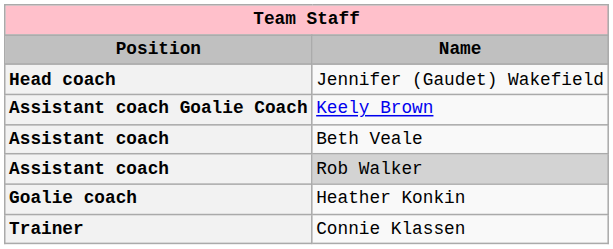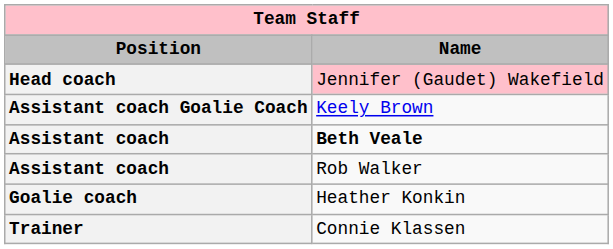 <table class="wikitable" style="text-align:left; font-size:90%;">
 <tr>
 <th style=background:pink colspan=4>Team Staff</th>
 </tr>
 <tr>
 <th style="background:silver;">Position</th>
 <th style="background:silver;">Name</th>
 </tr>
 <tr>
 <th style="text-align:left;">Head coach</th>
-<td>Jennifer (Gaudet) Wakefield</td>
+<td style="background: pink;">Jennifer (Gaudet) Wakefield</td>
 </tr>
 <tr>
 <th style="text-align:left;">Assistant coach  Goalie Coach</th>
 <td><a href='#'>Keely Brown</a></td>
 </tr>
 <tr>
 <th style="text-align:left;">Assistant coach</th>
-<td>Beth Veale</td>
+<td><strong>Beth Veale</strong></td>
 </tr>
 <tr>
 <th style="text-align:left;">Assistant coach</th>
-<td style="background: lightgrey;">Rob Walker</td>
+<td>Rob Walker</td>
 </tr>
 <tr>
 <th style="text-align:left;">Goalie coach</th>
 <td>Heather Konkin</td>
 </tr>
 <tr>
 <th style="text-align:left;">Trainer</th>
 <td>Connie Klassen</td>
 </tr>
 </table>
